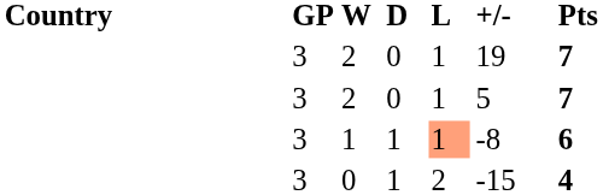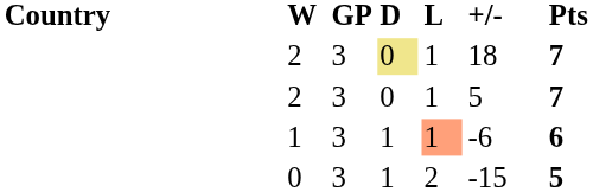 <table>
 <tr ---->
 <td width="150"><strong>Country</strong></td>
+<td width="20"><strong>W</strong></td>
 <td width="20"><strong>GP</strong></td>
-<td width="20"><strong>W</strong></td>
 <td width="20"><strong>D</strong></td>
 <td width="20"><strong>L</strong></td>
 <td width="40"><strong>+/-</strong></td>
 <td width="20"><strong>Pts</strong></td>
 </tr>
 <tr ---->
 <td></td>
+<td>2</td>
 <td>3</td>
-<td>2</td>
-<td>0</td>
+<td style="background: khaki;">0</td>
 <td>1</td>
-<td>19</td>
+<td>18</td>
 <td><strong>7</strong></td>
 </tr>
 <tr ---->
 <td></td>
+<td>2</td>
 <td>3</td>
-<td>2</td>
 <td>0</td>
 <td>1</td>
 <td>5</td>
 <td><strong>7</strong></td>
 </tr>
 <tr ---->
 <td></td>
+<td>1</td>
 <td>3</td>
 <td>1</td>
-<td>1</td>
 <td style="background: lightsalmon;">1</td>
-<td>-8</td>
+<td>-6</td>
 <td><strong>6</strong></td>
 </tr>
 <tr ---->
 <td></td>
+<td>0</td>
 <td>3</td>
-<td>0</td>
 <td>1</td>
 <td>2</td>
 <td>-15</td>
-<td><strong>4</strong></td>
+<td><strong>5</strong></td>
 </tr>
 </table>
